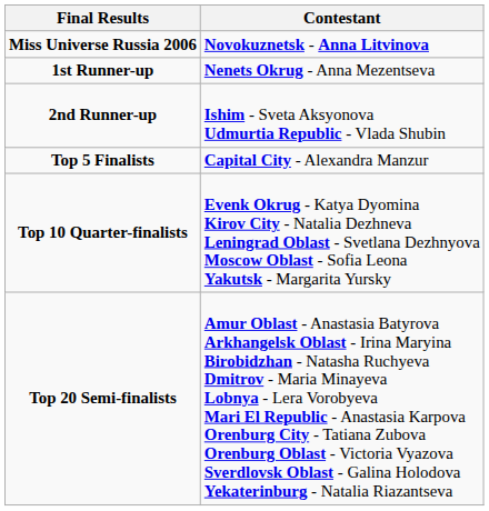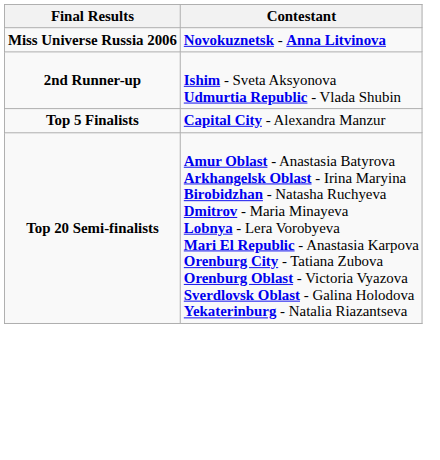 <table class="wikitable">
 <tr>
 <th>Final Results</th>
 <th>Contestant</th>
 </tr>
 <tr>
 <td style="text-align:center;"><strong>Miss Universe Russia 2006</strong></td>
 <td> <strong><a href='#'>Novokuznetsk</a></strong> - <strong><a href='#'>Anna Litvinova</a></strong></td>
 </tr>
 <tr>
-<td style="text-align:center;"><strong>1st Runner-up</strong></td>
-<td> <strong><a href='#'>Nenets Okrug</a></strong> - Anna Mezentseva<br></td>
-</tr>
-<tr>
 <td style="text-align:center;"><strong>2nd Runner-up</strong></td>
 <td><br> <strong><a href='#'>Ishim</a></strong> - Sveta Aksyonova<br>  <strong><a href='#'>Udmurtia Republic</a></strong> - Vlada Shubin<br></td>
 </tr>
 <tr>
 <td style="text-align:center;"><strong>Top 5 Finalists</strong></td>
 <td> <strong><a href='#'>Capital City</a></strong> - Alexandra Manzur<br></td>
 </tr>
 <tr>
-<td style="text-align:center;"><strong>Top 10 Quarter-finalists</strong></td>
-<td><br> <strong><a href='#'>Evenk Okrug</a></strong> - Katya Dyomina<br>  <strong><a href='#'>Kirov City</a></strong> - Natalia Dezhneva<br>  <strong><a href='#'>Leningrad Oblast</a></strong> - Svetlana Dezhnyova<br>  <strong><a href='#'>Moscow Oblast</a></strong> - Sofia Leona<br>  <strong><a href='#'>Yakutsk</a></strong> - Margarita Yursky<br></td>
-</tr>
-<tr>
 <td style="text-align:center;"><strong>Top  20 Semi-finalists</strong></td>
 <td><br> <strong><a href='#'>Amur Oblast</a></strong> - Anastasia Batyrova<br>  <strong><a href='#'>Arkhangelsk Oblast</a></strong> - Irina Maryina<br> <strong><a href='#'>Birobidzhan</a></strong> - Natasha Ruchyeva<br>  <strong><a href='#'>Dmitrov</a></strong> - Maria Minayeva<br>  <strong><a href='#'>Lobnya</a></strong> - Lera Vorobyeva<br>  <strong><a href='#'>Mari El Republic</a></strong> - Anastasia Karpova<br>  <strong><a href='#'>Orenburg City</a></strong> - Tatiana Zubova<br>  <strong><a href='#'>Orenburg Oblast</a></strong> - Victoria Vyazova<br>  <strong><a href='#'>Sverdlovsk Oblast</a></strong> - Galina Holodova<br>  <strong><a href='#'>Yekaterinburg</a></strong> - Natalia Riazantseva<br></td>
 </tr>
 </table>
